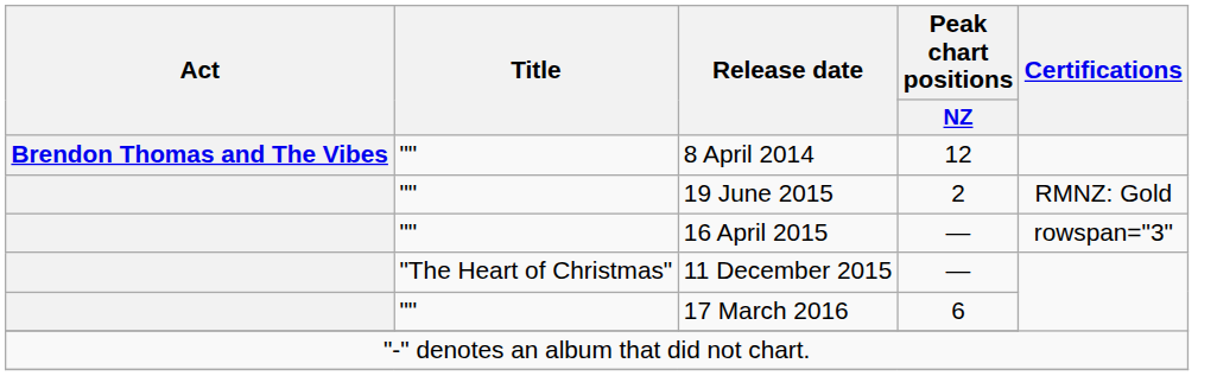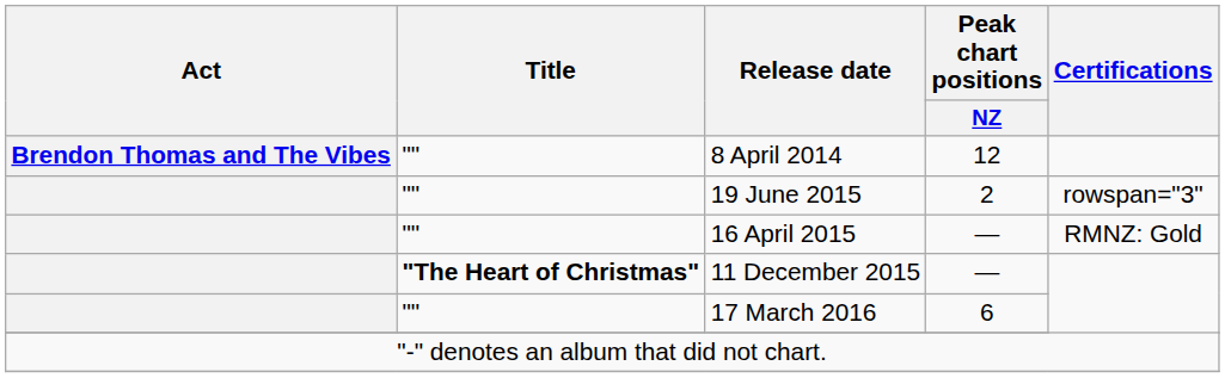 <table class="wikitable plainrowheaders" style="text-align:center;">
 <tr>
 <th scope="col" rowspan="2">Act</th>
 <th scope="col" rowspan="2">Title</th>
 <th scope="col" rowspan="2">Release date</th>
 <th scope="col" colspan="1">Peak chart positions</th>
 <th scope="col" rowspan="2"><a href='#'>Certifications</a></th>
 </tr>
 <tr>
 <th scope="col" style="width:3em;font-size:90%;"><a href='#'>NZ</a><br></th>
 </tr>
 <tr>
 <th scope="row"><a href='#'>Brendon Thomas and The Vibes</a></th>
 <td style="text-align:left;">""</td>
 <td style="text-align:left;">8 April 2014</td>
 <td>12</td>
 <td></td>
 </tr>
 <tr>
 <th scope="row"></th>
 <td style="text-align:left;">""</td>
 <td style="text-align:left;">19 June 2015</td>
 <td>2</td>
-<td>RMNZ: Gold</td>
+<td>rowspan="3" </td>
 </tr>
 <tr>
 <th scope="row"></th>
 <td style="text-align:left;">""</td>
 <td style="text-align:left;">16 April 2015</td>
 <td>—</td>
-<td>rowspan="3" </td>
+<td>RMNZ: Gold</td>
 </tr>
 <tr>
 <th scope="row"></th>
-<td style="text-align:left;">"The Heart of Christmas"</td>
+<td style="text-align:left;"><strong>"The Heart of Christmas"</strong></td>
 <td style="text-align:left;">11 December 2015</td>
 <td>—</td>
 </tr>
 <tr>
 <th scope="row"></th>
 <td style="text-align:left;">""</td>
 <td style="text-align:left;">17 March 2016</td>
 <td>6</td>
 </tr>
 <tr>
 </tr>
 <tr>
 <td colspan="6" style="font-size90%" align="center">"-" denotes an album that did not chart.</td>
 </tr>
 <tr>
 </tr>
 </table>
